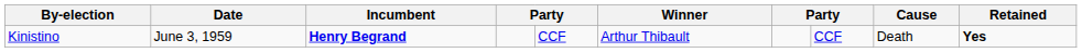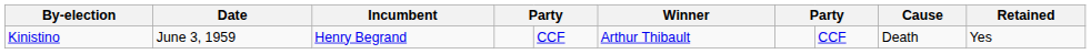 <table class=wikitable style="width:100%">
 <tr>
 <th>By-election</th>
 <th>Date</th>
 <th>Incumbent</th>
 <th colspan=2>Party</th>
 <th>Winner</th>
 <th colspan=2>Party</th>
 <th>Cause</th>
 <th>Retained</th>
 </tr>
 <tr>
 <td><a href='#'>Kinistino</a></td>
 <td>June 3, 1959</td>
-<td><strong><a href='#'>Henry Begrand</a></strong></td>
+<td><a href='#'>Henry Begrand</a></td>
 <td>    </td>
 <td><a href='#'>CCF</a></td>
 <td><a href='#'>Arthur Thibault</a></td>
 <td>    </td>
 <td><a href='#'>CCF</a></td>
 <td>Death</td>
-<td><strong>Yes</strong></td>
+<td>Yes</td>
 </tr>
 </table>
